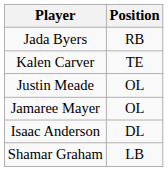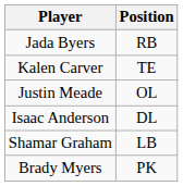 <table class="wikitable" style="text-align: center">
 <tr align=center>
 <th>Player</th>
 <th>Position</th>
 </tr>
 <tr>
 <td>Jada Byers</td>
 <td>RB</td>
 </tr>
 <tr>
 <td>Kalen Carver</td>
 <td>TE</td>
 </tr>
 <tr>
 <td>Justin Meade</td>
 <td>OL</td>
 </tr>
 <tr>
-<td>Jamaree Mayer</td>
-<td>OL</td>
-</tr>
-<tr>
 <td>Isaac Anderson</td>
 <td>DL</td>
 </tr>
 <tr>
 <td>Shamar Graham</td>
 <td>LB</td>
 </tr>
+<tr>
+<td>Brady Myers</td>
+<td>PK</td>
+</tr>
 </table>
